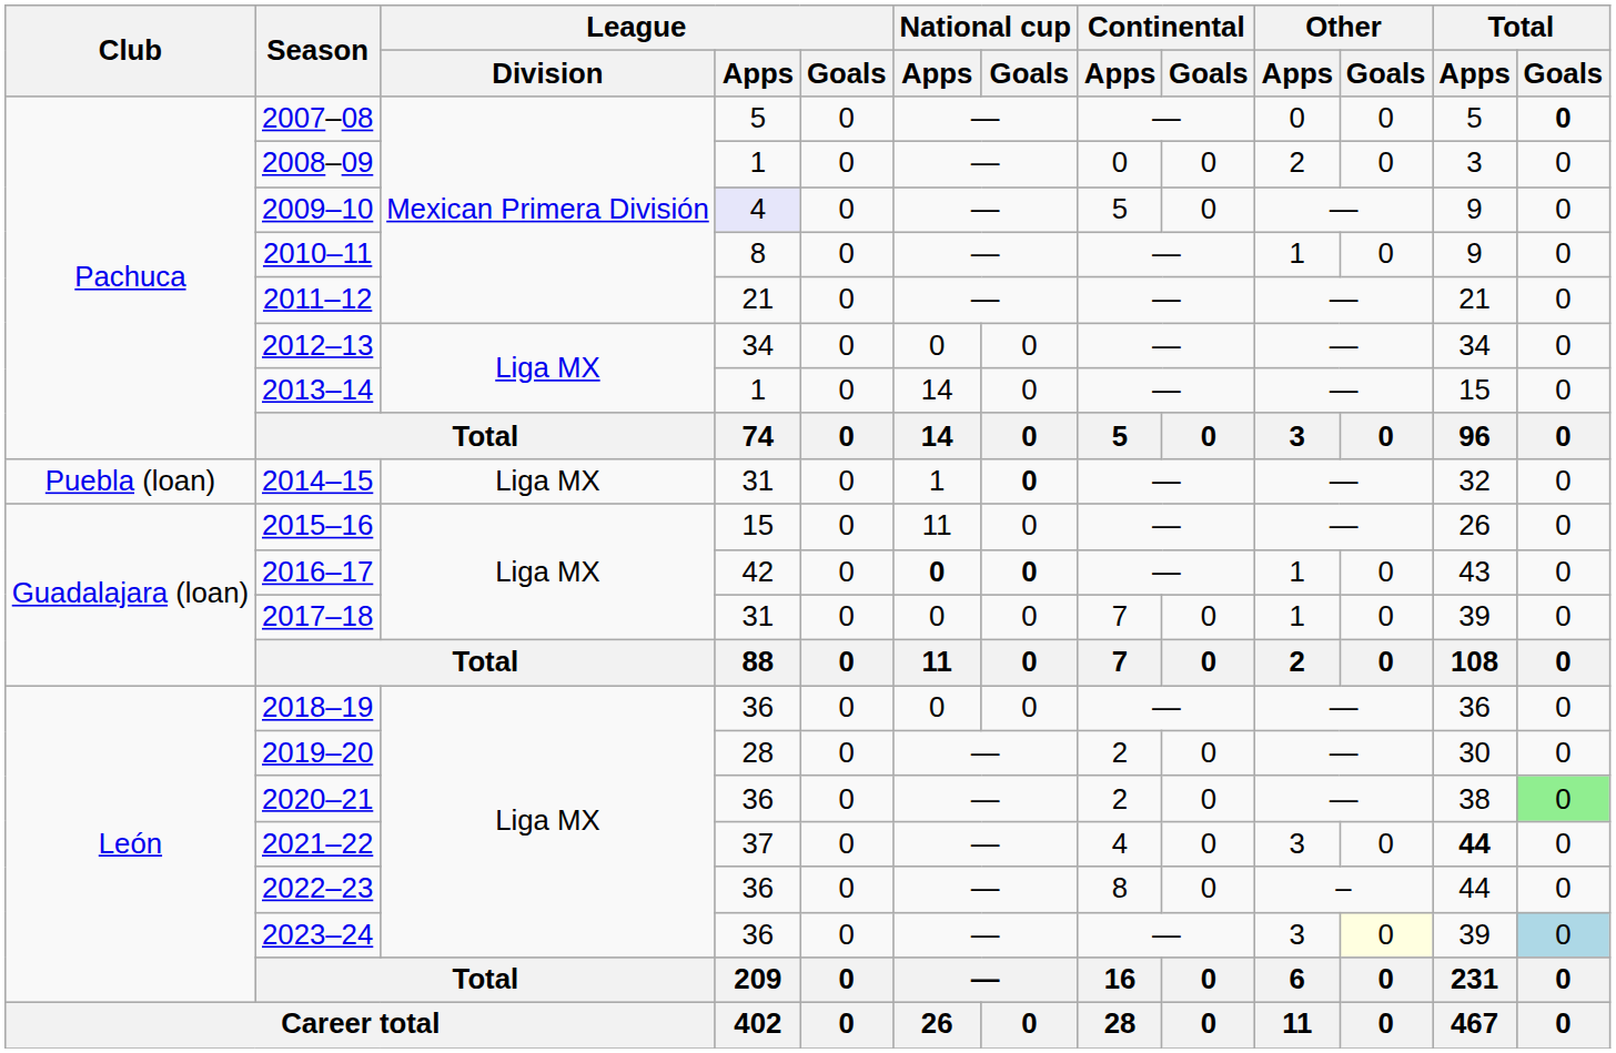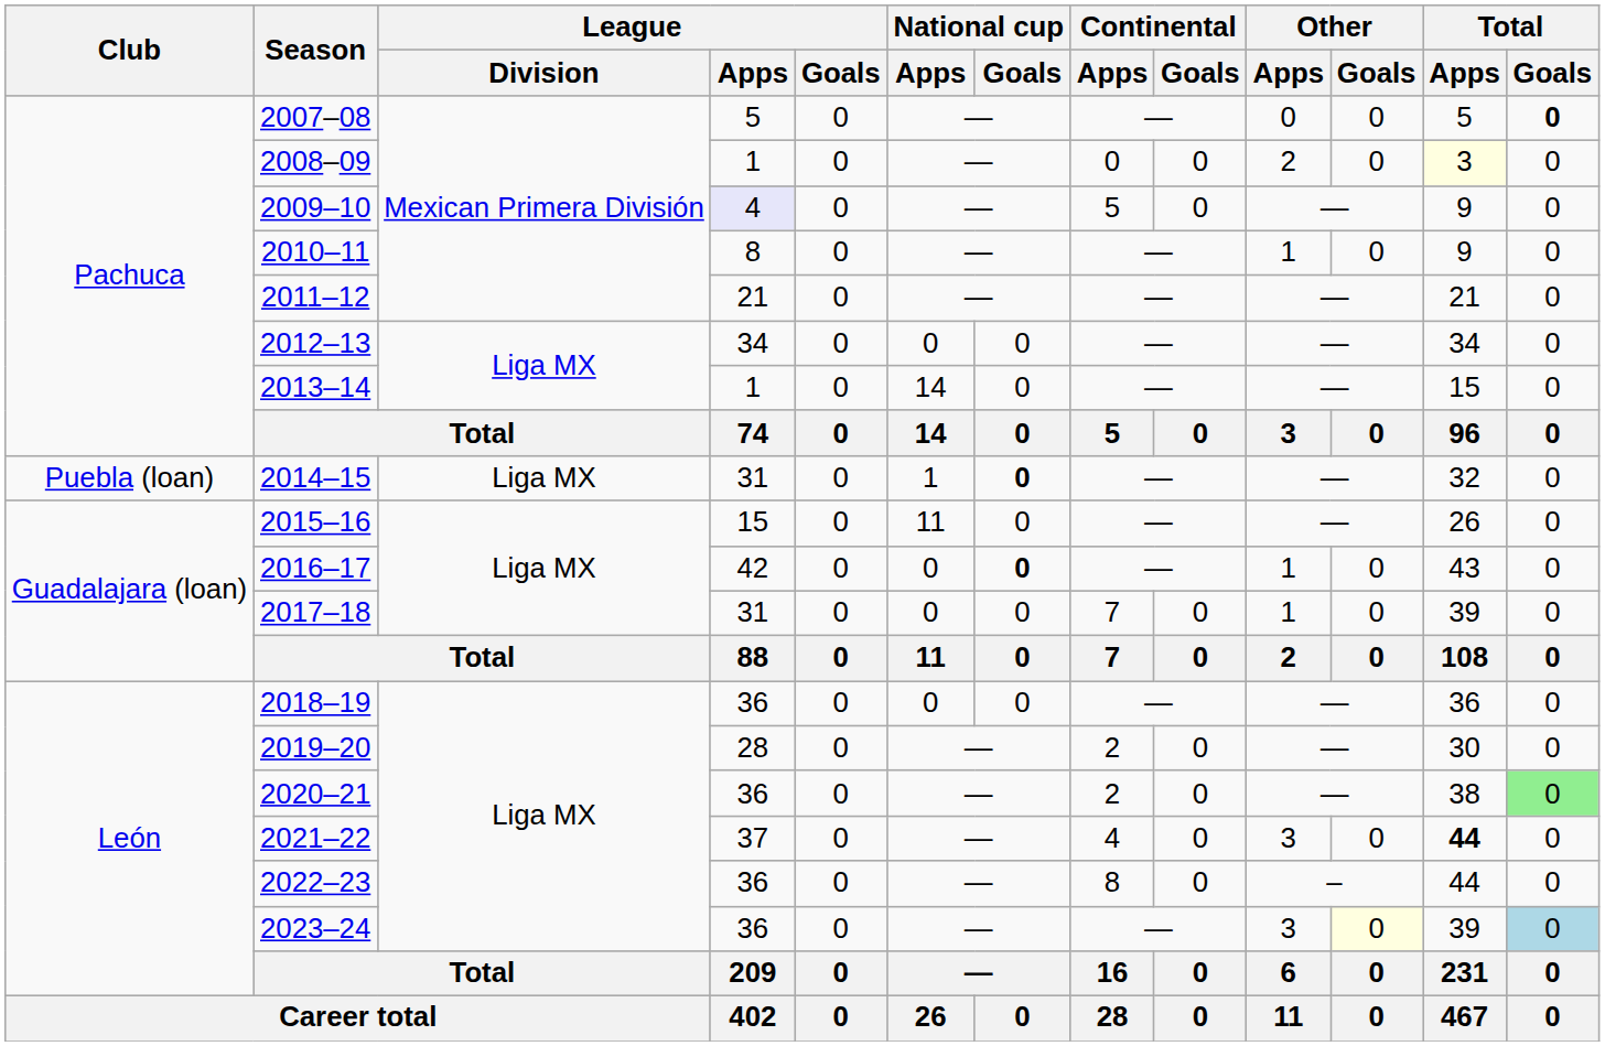 <table class="wikitable" style="text-align:center">
 <tr>
 <th rowspan="2">Club</th>
 <th rowspan="2">Season</th>
 <th colspan="3">League</th>
 <th colspan="2">National cup</th>
 <th colspan="2">Continental</th>
 <th colspan="2">Other</th>
 <th colspan="2">Total</th>
 </tr>
 <tr>
 <th>Division</th>
 <th>Apps</th>
 <th>Goals</th>
 <th>Apps</th>
 <th>Goals</th>
 <th>Apps</th>
 <th>Goals</th>
 <th>Apps</th>
 <th>Goals</th>
 <th>Apps</th>
 <th>Goals</th>
 </tr>
 <tr>
 <td rowspan="8"><a href='#'>Pachuca</a></td>
 <td><a href='#'>2007</a>–<a href='#'>08</a></td>
 <td rowspan="5"><a href='#'>Mexican Primera División</a></td>
 <td>5</td>
 <td>0</td>
 <td colspan="2">—</td>
 <td colspan="2">—</td>
 <td>0</td>
 <td>0</td>
 <td>5</td>
 <td><strong>0</strong></td>
 </tr>
 <tr>
 <td><a href='#'>2008</a>–<a href='#'>09</a></td>
 <td>1</td>
 <td>0</td>
 <td colspan="2">—</td>
 <td>0</td>
 <td>0</td>
 <td>2</td>
 <td>0</td>
-<td>3</td>
+<td style="background: lightyellow;">3</td>
 <td>0</td>
 </tr>
 <tr>
 <td><a href='#'>2009–10</a></td>
 <td style="background: lavender;">4</td>
 <td>0</td>
 <td colspan="2">—</td>
 <td>5</td>
 <td>0</td>
 <td colspan="2">—</td>
 <td>9</td>
 <td>0</td>
 </tr>
 <tr>
 <td><a href='#'>2010–11</a></td>
 <td>8</td>
 <td>0</td>
 <td colspan="2">—</td>
 <td colspan="2">—</td>
 <td>1</td>
 <td>0</td>
 <td>9</td>
 <td>0</td>
 </tr>
 <tr>
 <td><a href='#'>2011–12</a></td>
 <td>21</td>
 <td>0</td>
 <td colspan="2">—</td>
 <td colspan="2">—</td>
 <td colspan="2">—</td>
 <td>21</td>
 <td>0</td>
 </tr>
 <tr>
 <td><a href='#'>2012–13</a></td>
 <td rowspan="2"><a href='#'>Liga MX</a></td>
 <td>34</td>
 <td>0</td>
 <td>0</td>
 <td>0</td>
 <td colspan="2">—</td>
 <td colspan="2">—</td>
 <td>34</td>
 <td>0</td>
 </tr>
 <tr>
 <td><a href='#'>2013–14</a></td>
 <td>1</td>
 <td>0</td>
 <td>14</td>
 <td>0</td>
 <td colspan="2">—</td>
 <td colspan="2">—</td>
 <td>15</td>
 <td>0</td>
 </tr>
 <tr>
 <th colspan="2">Total</th>
 <th>74</th>
 <th>0</th>
 <th>14</th>
 <th>0</th>
 <th>5</th>
 <th>0</th>
 <th>3</th>
 <th>0</th>
 <th>96</th>
 <th>0</th>
 </tr>
 <tr>
 <td><a href='#'>Puebla</a> (loan)</td>
 <td><a href='#'>2014–15</a></td>
 <td>Liga MX</td>
 <td>31</td>
 <td>0</td>
 <td>1</td>
 <td><strong>0</strong></td>
 <td colspan="2">—</td>
 <td colspan="2">—</td>
 <td>32</td>
 <td>0</td>
 </tr>
 <tr>
 <td rowspan="4"><a href='#'>Guadalajara</a> (loan)</td>
 <td><a href='#'>2015–16</a></td>
 <td rowspan="3">Liga MX</td>
 <td>15</td>
 <td>0</td>
 <td>11</td>
 <td>0</td>
 <td colspan="2">—</td>
 <td colspan="2">—</td>
 <td>26</td>
 <td>0</td>
 </tr>
 <tr>
 <td><a href='#'>2016–17</a></td>
 <td>42</td>
 <td>0</td>
-<td><strong>0</strong></td>
+<td>0</td>
 <td><strong>0</strong></td>
 <td colspan="2">—</td>
 <td>1</td>
 <td>0</td>
 <td>43</td>
 <td>0</td>
 </tr>
 <tr>
 <td><a href='#'>2017–18</a></td>
 <td>31</td>
 <td>0</td>
 <td>0</td>
 <td>0</td>
 <td>7</td>
 <td>0</td>
 <td>1</td>
 <td>0</td>
 <td>39</td>
 <td>0</td>
 </tr>
 <tr>
 <th colspan="2">Total</th>
 <th>88</th>
 <th>0</th>
 <th>11</th>
 <th>0</th>
 <th>7</th>
 <th>0</th>
 <th>2</th>
 <th>0</th>
 <th>108</th>
 <th>0</th>
 </tr>
 <tr>
 <td rowspan="7"><a href='#'>León</a></td>
 <td><a href='#'>2018–19</a></td>
 <td rowspan="6">Liga MX</td>
 <td>36</td>
 <td>0</td>
 <td>0</td>
 <td>0</td>
 <td colspan="2">—</td>
 <td colspan="2">—</td>
 <td>36</td>
 <td>0</td>
 </tr>
 <tr>
 <td><a href='#'>2019–20</a></td>
 <td>28</td>
 <td>0</td>
 <td colspan="2">—</td>
 <td>2</td>
 <td>0</td>
 <td colspan="2">—</td>
 <td>30</td>
 <td>0</td>
 </tr>
 <tr>
 <td><a href='#'>2020–21</a></td>
 <td>36</td>
 <td>0</td>
 <td colspan="2">—</td>
 <td>2</td>
 <td>0</td>
 <td colspan="2">—</td>
 <td>38</td>
 <td style="background: lightgreen;">0</td>
 </tr>
 <tr>
 <td><a href='#'>2021–22</a></td>
 <td>37</td>
 <td>0</td>
 <td colspan="2">—</td>
 <td>4</td>
 <td>0</td>
 <td>3</td>
 <td>0</td>
 <td><strong>44</strong></td>
 <td>0</td>
 </tr>
 <tr>
 <td><a href='#'>2022–23</a></td>
 <td>36</td>
 <td>0</td>
 <td colspan="2">—</td>
 <td>8</td>
 <td>0</td>
 <td colspan="2">–</td>
 <td>44</td>
 <td>0</td>
 </tr>
 <tr>
 <td><a href='#'>2023–24</a></td>
 <td>36</td>
 <td>0</td>
 <td colspan="2">—</td>
 <td colspan="2">—</td>
 <td>3</td>
 <td style="background: lightyellow;">0</td>
 <td>39</td>
 <td style="background: lightblue;">0</td>
 </tr>
 <tr>
 <th colspan="2">Total</th>
 <th>209</th>
 <th>0</th>
 <th colspan="2">—</th>
 <th>16</th>
 <th>0</th>
 <th>6</th>
 <th>0</th>
 <th>231</th>
 <th>0</th>
 </tr>
 <tr>
 <th colspan="3">Career total</th>
 <th>402</th>
 <th>0</th>
 <th>26</th>
 <th>0</th>
 <th>28</th>
 <th>0</th>
 <th>11</th>
 <th>0</th>
 <th>467</th>
 <th>0</th>
 </tr>
 </table>
